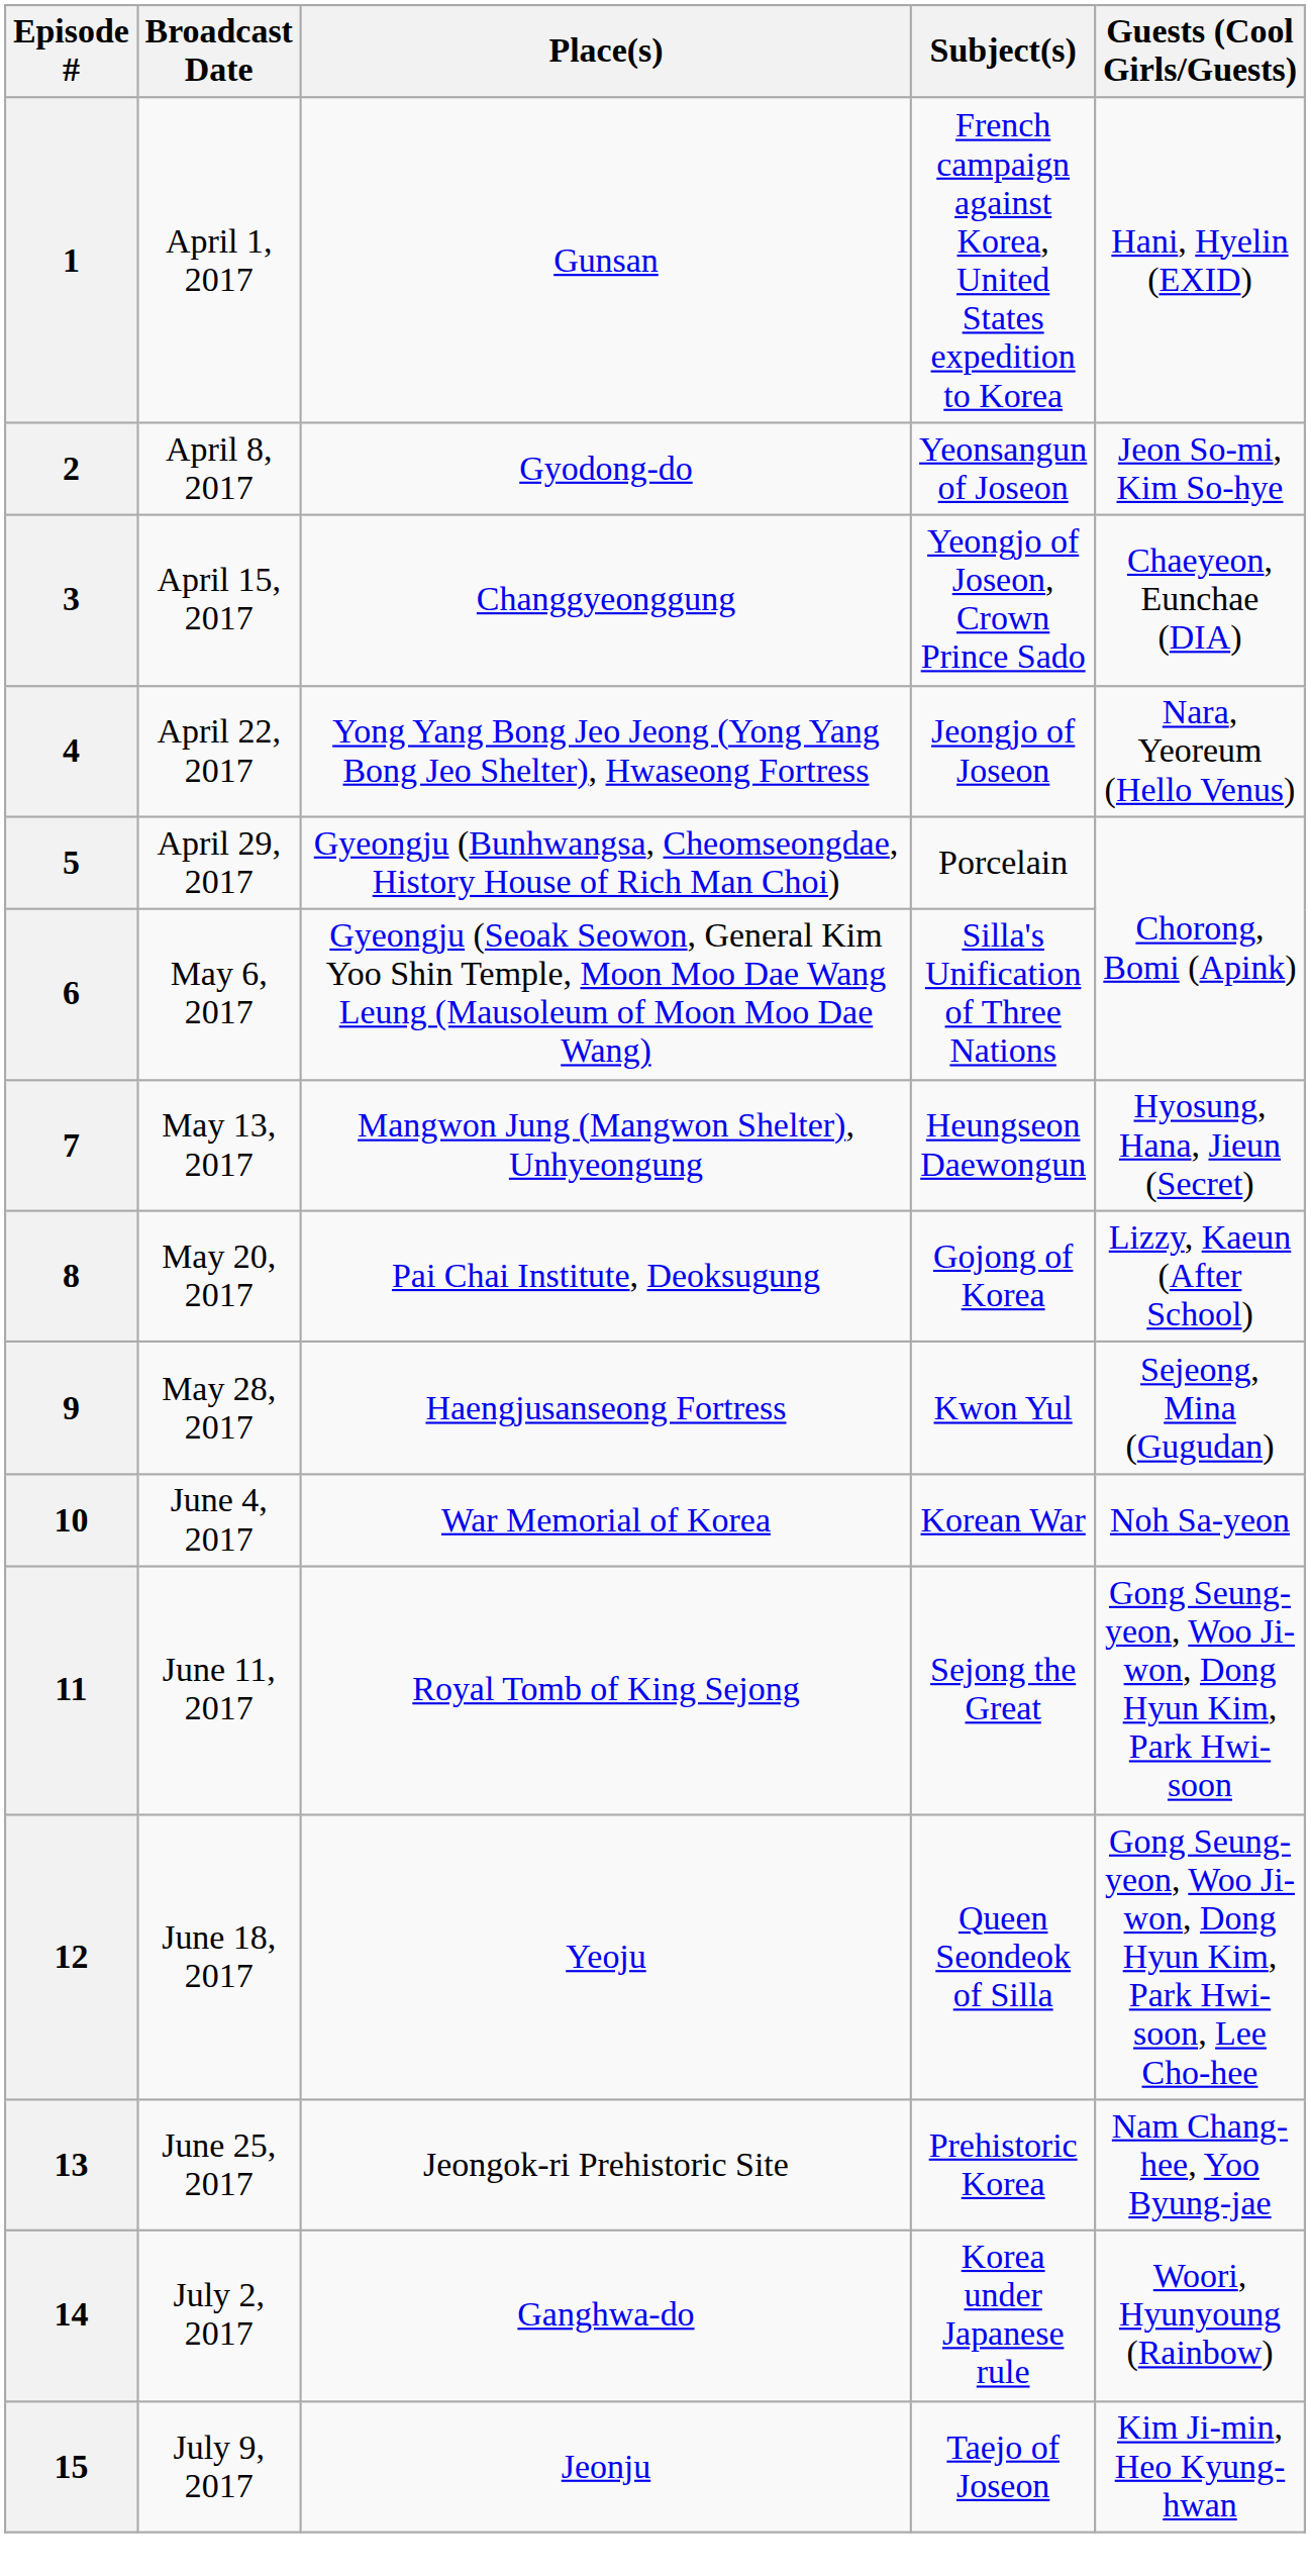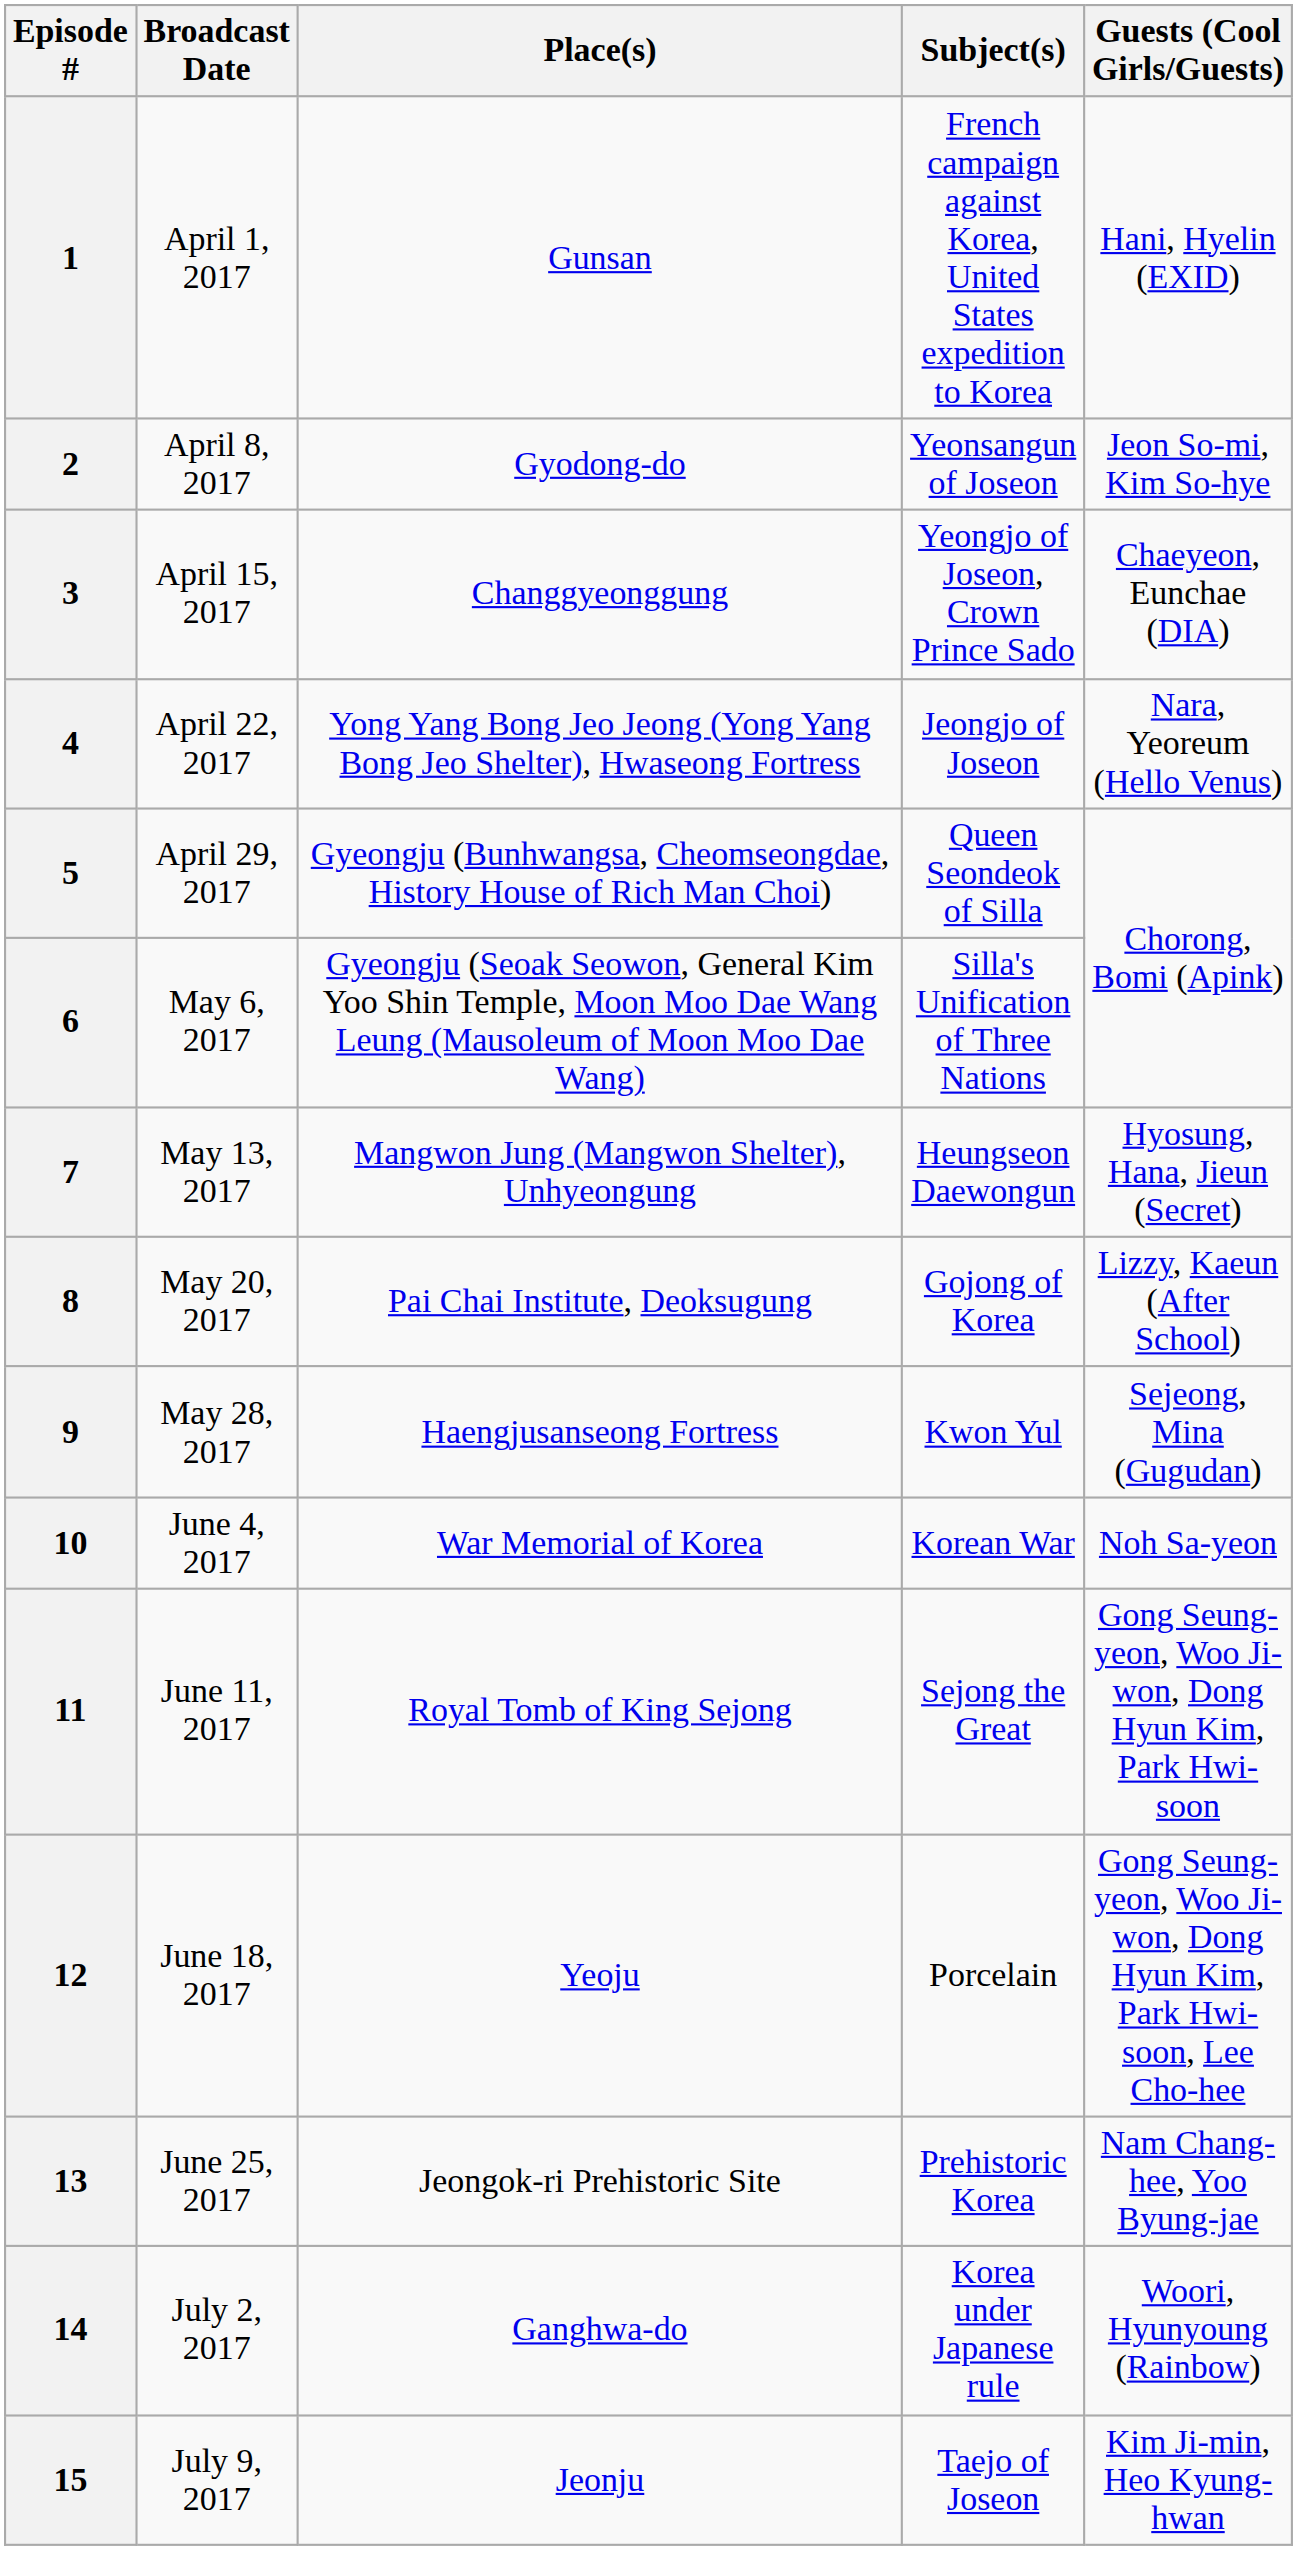 <table class="wikitable sortable">
 <tr>
 <th>Episode #</th>
 <th>Broadcast Date</th>
 <th width=400>Place(s)</th>
 <th>Subject(s)</th>
 <th width>Guests (Cool Girls/Guests)</th>
 </tr>
 <tr style="text-align:center;">
 <th>1</th>
 <td>April 1, 2017</td>
 <td><a href='#'>Gunsan</a></td>
 <td><a href='#'>French campaign against Korea</a>, <a href='#'>United States expedition to Korea</a></td>
 <td><a href='#'>Hani</a>, <a href='#'>Hyelin</a> (<a href='#'>EXID</a>)</td>
 </tr>
 <tr style="text-align:center;">
 <th>2</th>
 <td>April 8, 2017</td>
 <td><a href='#'>Gyodong-do</a></td>
 <td><a href='#'>Yeonsangun of Joseon</a></td>
 <td><a href='#'>Jeon So-mi</a>, <a href='#'>Kim So-hye</a></td>
 </tr>
 <tr style="text-align:center;">
 <th>3</th>
 <td>April 15, 2017</td>
 <td><a href='#'>Changgyeonggung</a></td>
 <td><a href='#'>Yeongjo of Joseon</a>, <a href='#'>Crown Prince Sado</a></td>
 <td><a href='#'>Chaeyeon</a>, Eunchae (<a href='#'>DIA</a>)</td>
 </tr>
 <tr style="text-align:center;">
 <th>4</th>
 <td>April 22, 2017</td>
 <td><a href='#'>Yong Yang Bong Jeo Jeong (Yong Yang Bong Jeo Shelter)</a>, <a href='#'>Hwaseong Fortress</a></td>
 <td><a href='#'>Jeongjo of Joseon</a></td>
 <td><a href='#'>Nara</a>, Yeoreum (<a href='#'>Hello Venus</a>)</td>
 </tr>
 <tr style="text-align:center;">
 <th>5</th>
 <td>April 29, 2017</td>
 <td><a href='#'>Gyeongju</a> (<a href='#'>Bunhwangsa</a>, <a href='#'>Cheomseongdae</a>, <a href='#'>History House of Rich Man Choi</a>)</td>
-<td>Porcelain</td>
+<td><a href='#'>Queen Seondeok of Silla</a></td>
 <td rowspan="2"><a href='#'>Chorong</a>, <a href='#'>Bomi</a> (<a href='#'>Apink</a>)</td>
 </tr>
 <tr style="text-align:center;">
 <th>6</th>
 <td>May 6, 2017</td>
 <td><a href='#'>Gyeongju</a> (<a href='#'>Seoak Seowon</a>, General Kim Yoo Shin Temple, <a href='#'>Moon Moo Dae Wang Leung (Mausoleum of Moon Moo Dae Wang)</a></td>
 <td><a href='#'>Silla's Unification of Three Nations</a></td>
 </tr>
 <tr style="text-align:center;">
 <th>7</th>
 <td>May 13, 2017</td>
 <td><a href='#'>Mangwon Jung (Mangwon Shelter)</a>, <a href='#'>Unhyeongung</a></td>
 <td><a href='#'>Heungseon Daewongun</a></td>
 <td><a href='#'>Hyosung</a>, <a href='#'>Hana</a>, <a href='#'>Jieun</a> (<a href='#'>Secret</a>)</td>
 </tr>
 <tr style="text-align:center;">
 <th>8</th>
 <td>May 20, 2017</td>
 <td><a href='#'>Pai Chai Institute</a>, <a href='#'>Deoksugung</a></td>
 <td><a href='#'>Gojong of Korea</a></td>
 <td><a href='#'>Lizzy</a>, <a href='#'>Kaeun</a> (<a href='#'>After School</a>)</td>
 </tr>
 <tr style="text-align:center;">
 <th>9</th>
 <td>May 28, 2017</td>
 <td><a href='#'>Haengjusanseong Fortress</a></td>
 <td><a href='#'>Kwon Yul</a></td>
 <td><a href='#'>Sejeong</a>, <a href='#'>Mina</a> (<a href='#'>Gugudan</a>)</td>
 </tr>
 <tr style="text-align:center;">
 <th>10</th>
 <td>June 4, 2017</td>
 <td><a href='#'>War Memorial of Korea</a></td>
 <td><a href='#'>Korean War</a></td>
 <td><a href='#'>Noh Sa-yeon</a></td>
 </tr>
 <tr style="text-align:center;">
 <th>11</th>
 <td>June 11, 2017</td>
 <td><a href='#'>Royal Tomb of King Sejong</a></td>
 <td><a href='#'>Sejong the Great</a></td>
 <td><a href='#'>Gong Seung-yeon</a>, <a href='#'>Woo Ji-won</a>, <a href='#'>Dong Hyun Kim</a>, <a href='#'>Park Hwi-soon</a></td>
 </tr>
 <tr style="text-align:center;">
 <th>12</th>
 <td>June 18, 2017</td>
 <td><a href='#'>Yeoju</a></td>
-<td><a href='#'>Queen Seondeok of Silla</a></td>
+<td>Porcelain</td>
 <td><a href='#'>Gong Seung-yeon</a>, <a href='#'>Woo Ji-won</a>, <a href='#'>Dong Hyun Kim</a>, <a href='#'>Park Hwi-soon</a>, <a href='#'>Lee Cho-hee</a></td>
 </tr>
 <tr style="text-align:center;">
 <th>13</th>
 <td>June 25, 2017</td>
 <td>Jeongok-ri Prehistoric Site</td>
 <td><a href='#'>Prehistoric Korea</a></td>
 <td><a href='#'>Nam Chang-hee</a>, <a href='#'>Yoo Byung-jae</a></td>
 </tr>
 <tr style="text-align:center;">
 <th>14</th>
 <td>July 2, 2017</td>
 <td><a href='#'>Ganghwa-do</a></td>
 <td><a href='#'>Korea under Japanese rule</a></td>
 <td><a href='#'>Woori</a>, <a href='#'>Hyunyoung</a> (<a href='#'>Rainbow</a>)</td>
 </tr>
 <tr style="text-align:center;">
 <th>15</th>
 <td>July 9, 2017</td>
 <td><a href='#'>Jeonju</a></td>
 <td><a href='#'>Taejo of Joseon</a></td>
 <td><a href='#'>Kim Ji-min</a>, <a href='#'>Heo Kyung-hwan</a></td>
 </tr>
 </table>
